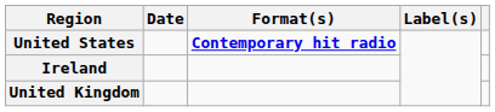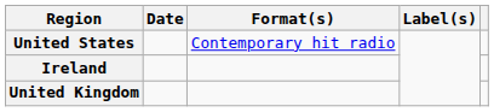 <table class="wikitable plainrowheaders">
 <tr>
 <th scope="col">Region</th>
 <th scope="col">Date</th>
 <th scope="col">Format(s)</th>
 <th scope="col">Label(s)</th>
 <th scope="col"></th>
 </tr>
 <tr>
 <th scope="row">United States</th>
 <td></td>
-<td><strong><a href='#'>Contemporary hit radio</a></strong></td>
+<td><a href='#'>Contemporary hit radio</a></td>
 <td rowspan="3"></td>
 <td></td>
 </tr>
 <tr>
 <th scope="row">Ireland</th>
 <td></td>
 <td></td>
 <td></td>
 </tr>
 <tr>
 <th scope="row">United Kingdom</th>
 <td></td>
 <td></td>
 <td></td>
 </tr>
 </table>
